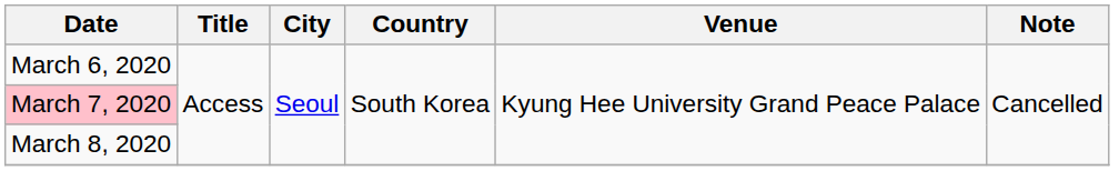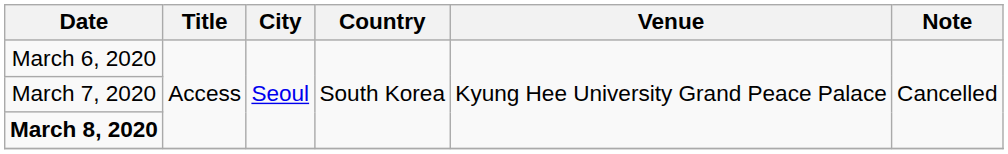 <table class="wikitable" style="text-align:center;">
 <tr>
 <th>Date</th>
 <th>Title</th>
 <th>City</th>
 <th>Country</th>
 <th>Venue</th>
 <th>Note</th>
 </tr>
 <tr>
 <td>March 6, 2020</td>
 <td rowspan=3>Access</td>
 <td rowspan=3><a href='#'>Seoul</a></td>
 <td rowspan=3>South Korea</td>
 <td rowspan=3>Kyung Hee University Grand Peace Palace</td>
 <td rowspan=3>Cancelled</td>
 </tr>
 <tr>
-<td style="background: pink;">March 7, 2020</td>
+<td>March 7, 2020</td>
 </tr>
 <tr>
-<td>March 8, 2020</td>
+<td><strong>March 8, 2020</strong></td>
 </tr>
 <tr>
 </tr>
 </table>
